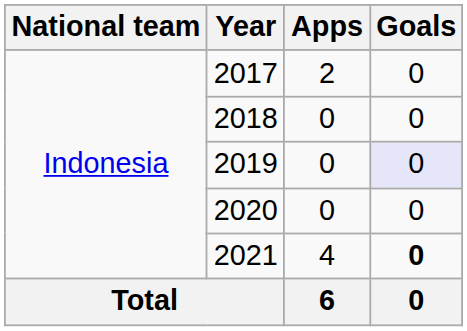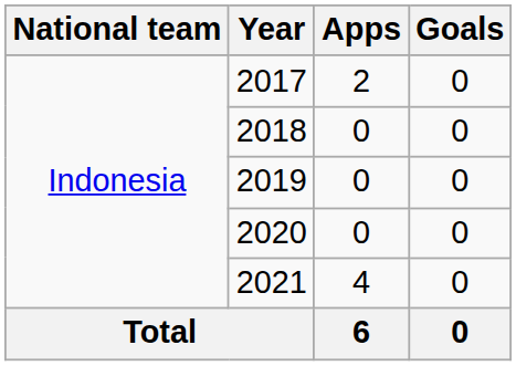 <table class="wikitable" style="text-align:center">
 <tr>
 <th>National team</th>
 <th>Year</th>
 <th>Apps</th>
 <th>Goals</th>
 </tr>
 <tr>
 <td rowspan=5><a href='#'>Indonesia</a></td>
 <td>2017</td>
 <td>2</td>
 <td>0</td>
 </tr>
 <tr>
 <td>2018</td>
 <td>0</td>
 <td>0</td>
 </tr>
 <tr>
 <td>2019</td>
 <td>0</td>
-<td style="background: lavender;">0</td>
+<td>0</td>
 </tr>
 <tr>
 <td>2020</td>
 <td>0</td>
 <td>0</td>
 </tr>
 <tr>
 <td>2021</td>
 <td>4</td>
-<td><strong>0</strong></td>
+<td>0</td>
 </tr>
 <tr>
 <th colspan=2>Total</th>
 <th>6</th>
 <th>0</th>
 </tr>
 </table>
